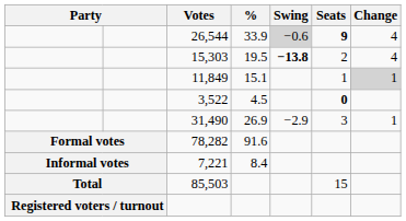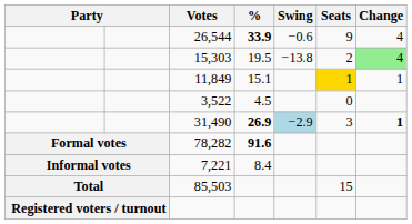 <table class="wikitable" style="text-align:right; margin-bottom:0">
 <tr>
 <th style="width:10px" colspan=3>Party</th>
 <th style="width:70px;">Votes</th>
 <th style="width:40px;">%</th>
 <th style="width:40px;">Swing</th>
 <th style="width:40px;">Seats</th>
 <th style="width:40px;">Change</th>
 </tr>
 <tr>
 <td> </td>
 <td style="text-align:left;" colspan="2"></td>
 <td>26,544</td>
-<td>33.9</td>
-<td style="background: lightgrey;">−0.6</td>
-<td><strong>9</strong></td>
+<td><strong>33.9</strong></td>
+<td>−0.6</td>
+<td>9</td>
 <td> 4</td>
 </tr>
 <tr>
 <td> </td>
 <td style="text-align:left;" colspan="2"></td>
 <td>15,303</td>
 <td>19.5</td>
-<td><strong>−13.8</strong></td>
+<td>−13.8</td>
 <td>2</td>
-<td> 4</td>
+<td style="background: lightgreen;"> 4</td>
 </tr>
 <tr>
 <td> </td>
 <td style="text-align:left;" colspan="2"></td>
 <td>11,849</td>
 <td>15.1</td>
 <td></td>
-<td>1</td>
-<td style="background: lightgrey;"> 1</td>
+<td style="background: gold;">1</td>
+<td> 1</td>
 </tr>
 <tr>
 <td> </td>
 <td style="text-align:left;" colspan="2"></td>
 <td>3,522</td>
 <td>4.5</td>
 <td></td>
-<td><strong>0</strong></td>
+<td>0</td>
 <td></td>
 </tr>
 <tr>
 <td> </td>
 <td style="text-align:left;" colspan="2"></td>
 <td>31,490</td>
-<td>26.9</td>
-<td>−2.9</td>
+<td><strong>26.9</strong></td>
+<td style="background: lightblue;">−2.9</td>
 <td>3</td>
-<td> 1</td>
+<td><strong> 1</strong></td>
 </tr>
 <tr>
 <th colspan="3" rowspan="1"> Formal votes</th>
 <td>78,282</td>
-<td>91.6</td>
+<td><strong>91.6</strong></td>
 <td></td>
 <td></td>
 <td></td>
 </tr>
 <tr>
 <th colspan="3" rowspan="1"> Informal votes</th>
 <td>7,221</td>
 <td>8.4</td>
 <td></td>
 <td></td>
 <td></td>
 </tr>
 <tr>
 <th colspan="3" rowspan="1"> <strong>Total </strong></th>
 <td>85,503</td>
 <td></td>
 <td></td>
 <td>15</td>
 <td></td>
 </tr>
 <tr>
 <th colspan="3" rowspan="1"> Registered voters / turnout</th>
 <td></td>
 <td></td>
 <td></td>
 <td></td>
 <td></td>
 </tr>
 </table>
